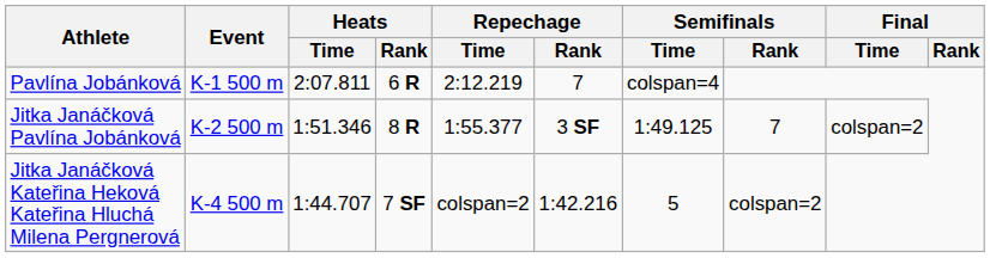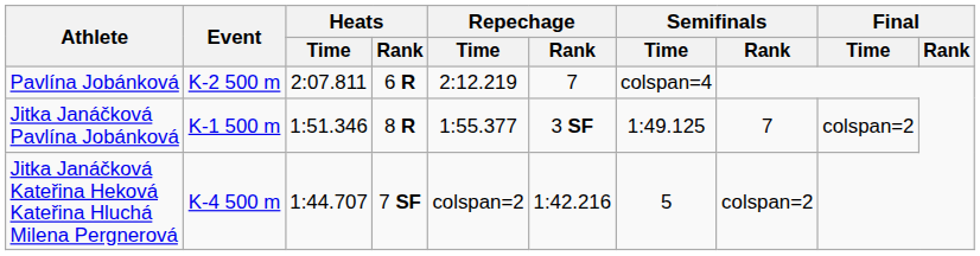 <table class=wikitable style="font-size:90%">
 <tr>
 <th rowspan="2">Athlete</th>
 <th rowspan="2">Event</th>
 <th colspan=2>Heats</th>
 <th colspan=2>Repechage</th>
 <th colspan=2>Semifinals</th>
 <th colspan=2>Final</th>
 </tr>
 <tr style="font-size:95%">
 <th>Time</th>
 <th>Rank</th>
 <th>Time</th>
 <th>Rank</th>
 <th>Time</th>
 <th>Rank</th>
 <th>Time</th>
 <th>Rank</th>
 </tr>
 <tr align=center>
 <td align=left><a href='#'>Pavlína Jobánková</a></td>
-<td align=left><a href='#'>K-1 500 m</a></td>
+<td align=left><a href='#'>K-2 500 m</a></td>
 <td>2:07.811</td>
 <td>6 <strong>R</strong></td>
 <td>2:12.219</td>
 <td>7</td>
 <td>colspan=4 </td>
 </tr>
 <tr align=center>
 <td align=left><a href='#'>Jitka Janáčková</a><br><a href='#'>Pavlína Jobánková</a></td>
-<td align=left><a href='#'>K-2 500 m</a></td>
+<td align=left><a href='#'>K-1 500 m</a></td>
 <td>1:51.346</td>
 <td>8 <strong>R</strong></td>
 <td>1:55.377</td>
 <td>3 <strong>SF</strong></td>
 <td>1:49.125</td>
 <td>7</td>
 <td>colspan=2 </td>
 </tr>
 <tr align=center>
 <td align=left><a href='#'>Jitka Janáčková</a><br><a href='#'>Kateřina Heková</a><br><a href='#'>Kateřina Hluchá</a><br><a href='#'>Milena Pergnerová</a></td>
 <td align=left><a href='#'>K-4 500 m</a></td>
 <td>1:44.707</td>
 <td>7 <strong>SF</strong></td>
 <td>colspan=2 </td>
 <td>1:42.216</td>
 <td>5</td>
 <td>colspan=2 </td>
 </tr>
 </table>
